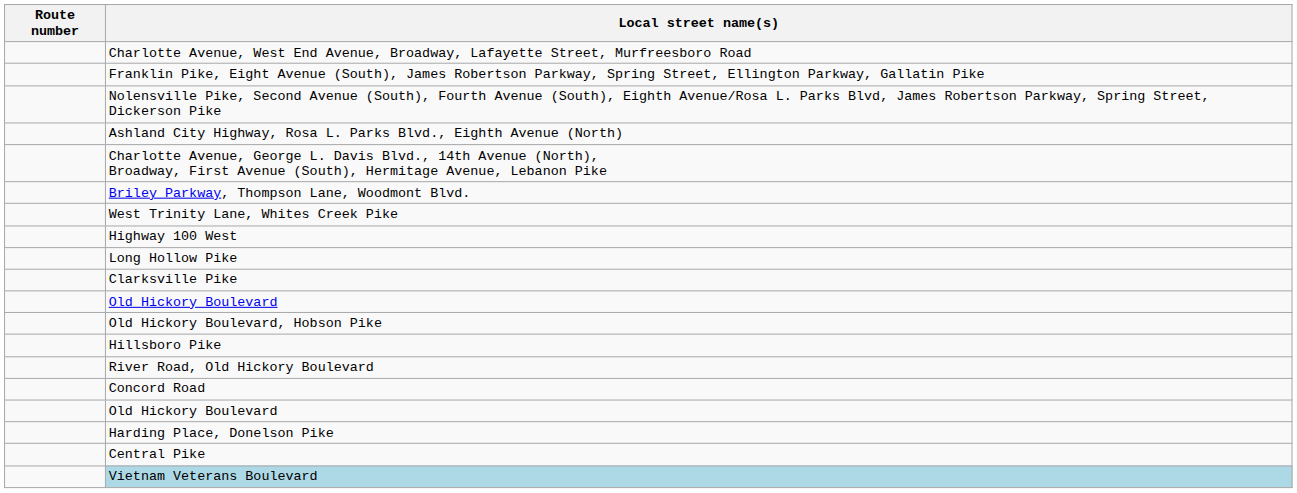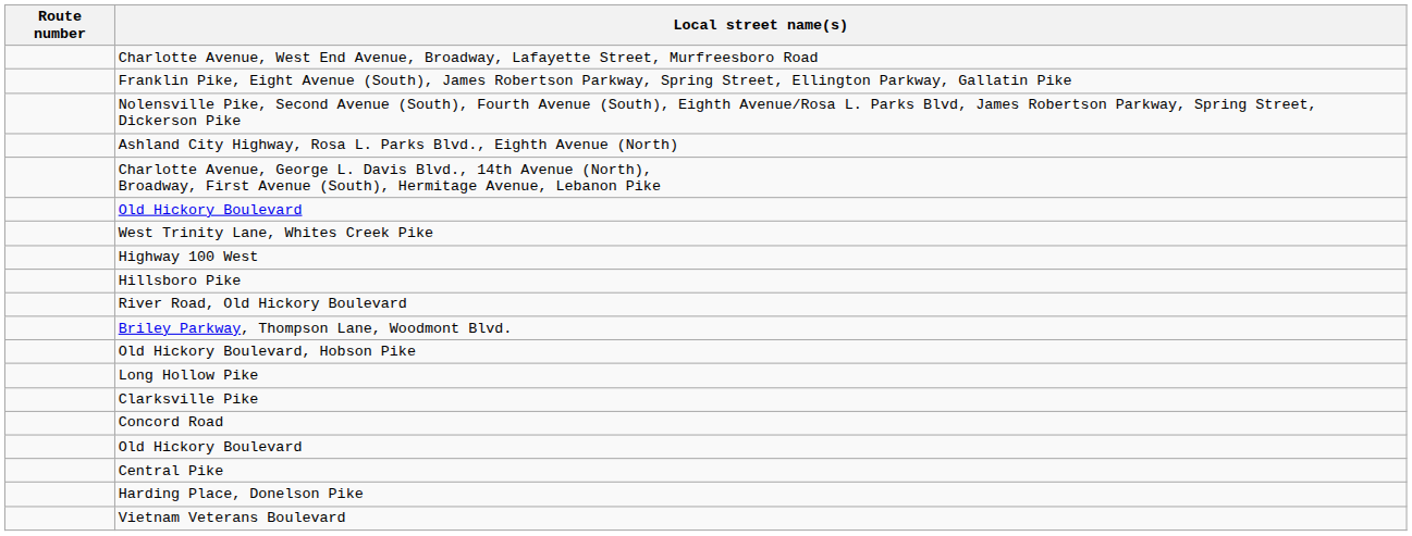 <table class="wikitable">
 <tr>
 <th>Route number</th>
 <th>Local street name(s)</th>
 </tr>
 <tr>
 <td></td>
 <td>Charlotte Avenue, West End Avenue, Broadway, Lafayette Street, Murfreesboro Road</td>
 </tr>
 <tr>
 <td></td>
 <td>Franklin Pike, Eight Avenue (South), James Robertson Parkway, Spring Street, Ellington Parkway, Gallatin Pike</td>
 </tr>
 <tr>
 <td> </td>
 <td>Nolensville Pike, Second Avenue (South), Fourth Avenue (South), Eighth Avenue/Rosa L. Parks Blvd, James Robertson Parkway, Spring Street, Dickerson Pike</td>
 </tr>
 <tr>
 <td></td>
 <td>Ashland City Highway, Rosa L. Parks Blvd., Eighth Avenue (North)</td>
 </tr>
 <tr>
 <td> </td>
 <td>Charlotte Avenue, George L. Davis Blvd., 14th Avenue (North),<br>Broadway, First Avenue (South), Hermitage Avenue, Lebanon Pike</td>
 </tr>
 <tr>
 <td></td>
-<td><a href='#'>Briley Parkway</a>, Thompson Lane, Woodmont Blvd.</td>
+<td><a href='#'>Old Hickory Boulevard</a></td>
 </tr>
 <tr>
 <td></td>
 <td>West Trinity Lane, Whites Creek Pike</td>
 </tr>
 <tr>
 <td></td>
 <td>Highway 100 West</td>
 </tr>
 <tr>
 <td></td>
-<td>Long Hollow Pike</td>
+<td>Hillsboro Pike</td>
 </tr>
 <tr>
 <td></td>
-<td>Clarksville Pike</td>
+<td>River Road, Old Hickory Boulevard</td>
 </tr>
 <tr>
 <td></td>
-<td><a href='#'>Old Hickory Boulevard</a></td>
+<td><a href='#'>Briley Parkway</a>, Thompson Lane, Woodmont Blvd.</td>
 </tr>
 <tr>
 <td></td>
 <td>Old Hickory Boulevard, Hobson Pike</td>
 </tr>
 <tr>
 <td></td>
-<td>Hillsboro Pike</td>
+<td>Long Hollow Pike</td>
 </tr>
 <tr>
 <td></td>
-<td>River Road, Old Hickory Boulevard</td>
+<td>Clarksville Pike</td>
 </tr>
 <tr>
 <td></td>
 <td>Concord Road</td>
 </tr>
 <tr>
 <td></td>
 <td>Old Hickory Boulevard</td>
 </tr>
 <tr>
 <td></td>
+<td>Central Pike</td>
+</tr>
+<tr>
+<td></td>
 <td>Harding Place, Donelson Pike</td>
 </tr>
 <tr>
 <td></td>
-<td>Central Pike</td>
-</tr>
-<tr>
-<td></td>
-<td style="background: lightblue;">Vietnam Veterans Boulevard</td>
+<td>Vietnam Veterans Boulevard</td>
 </tr>
 </table>
